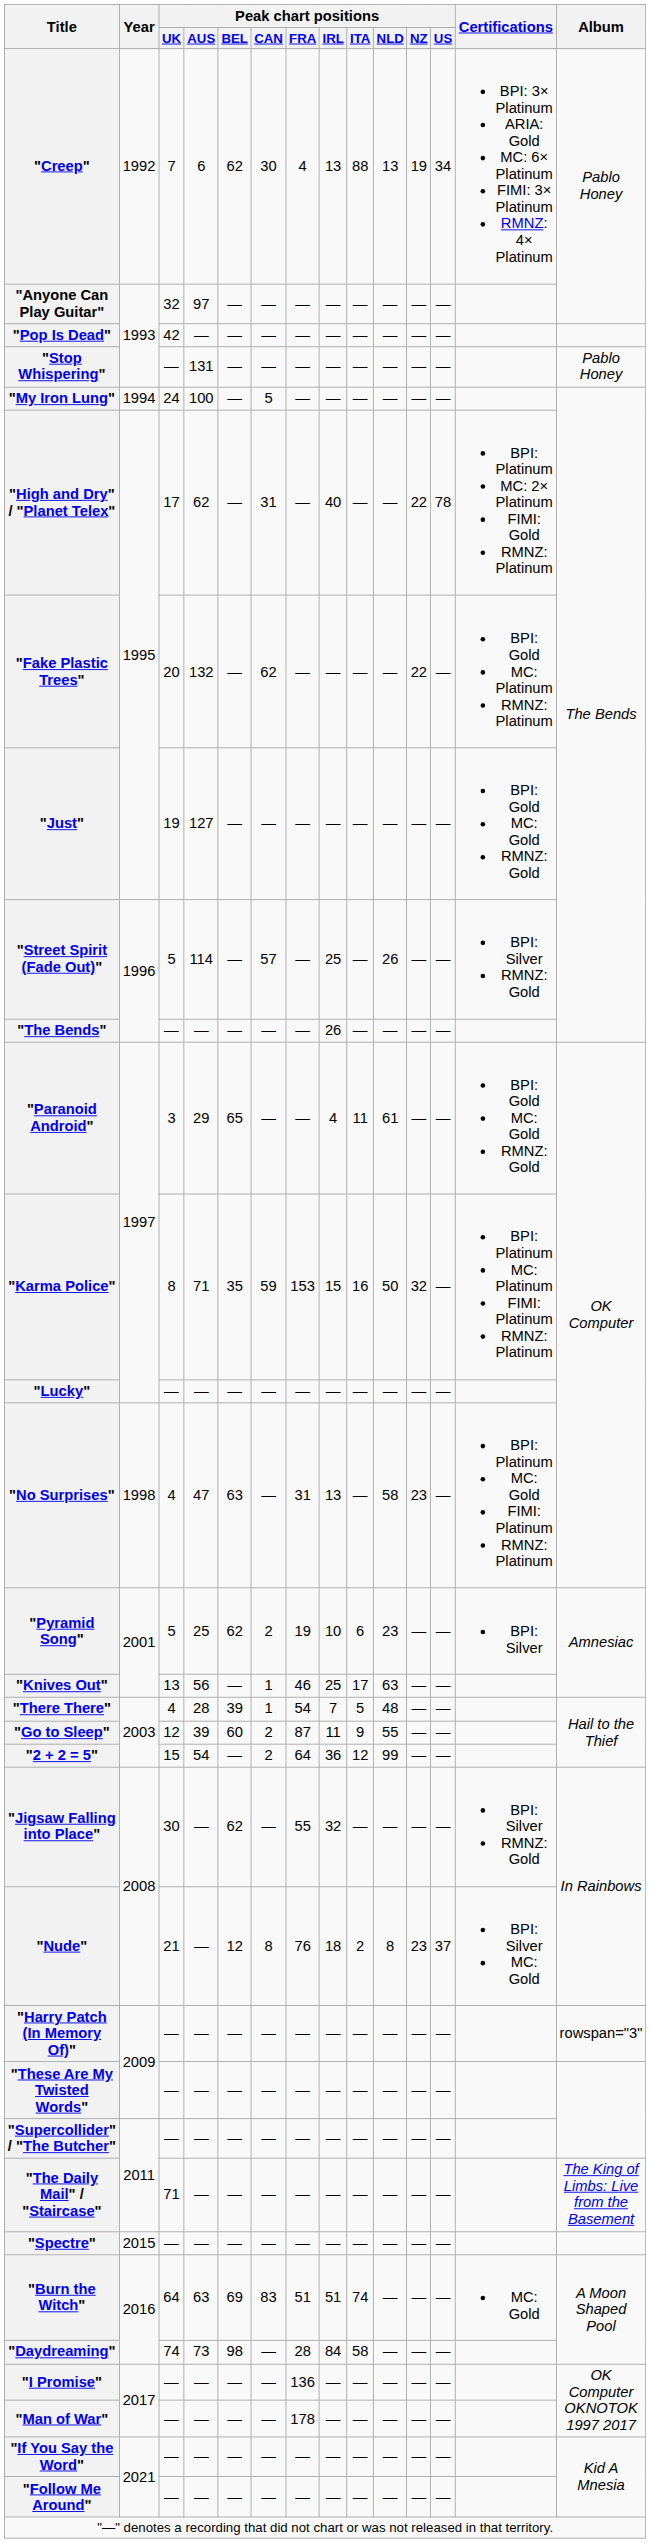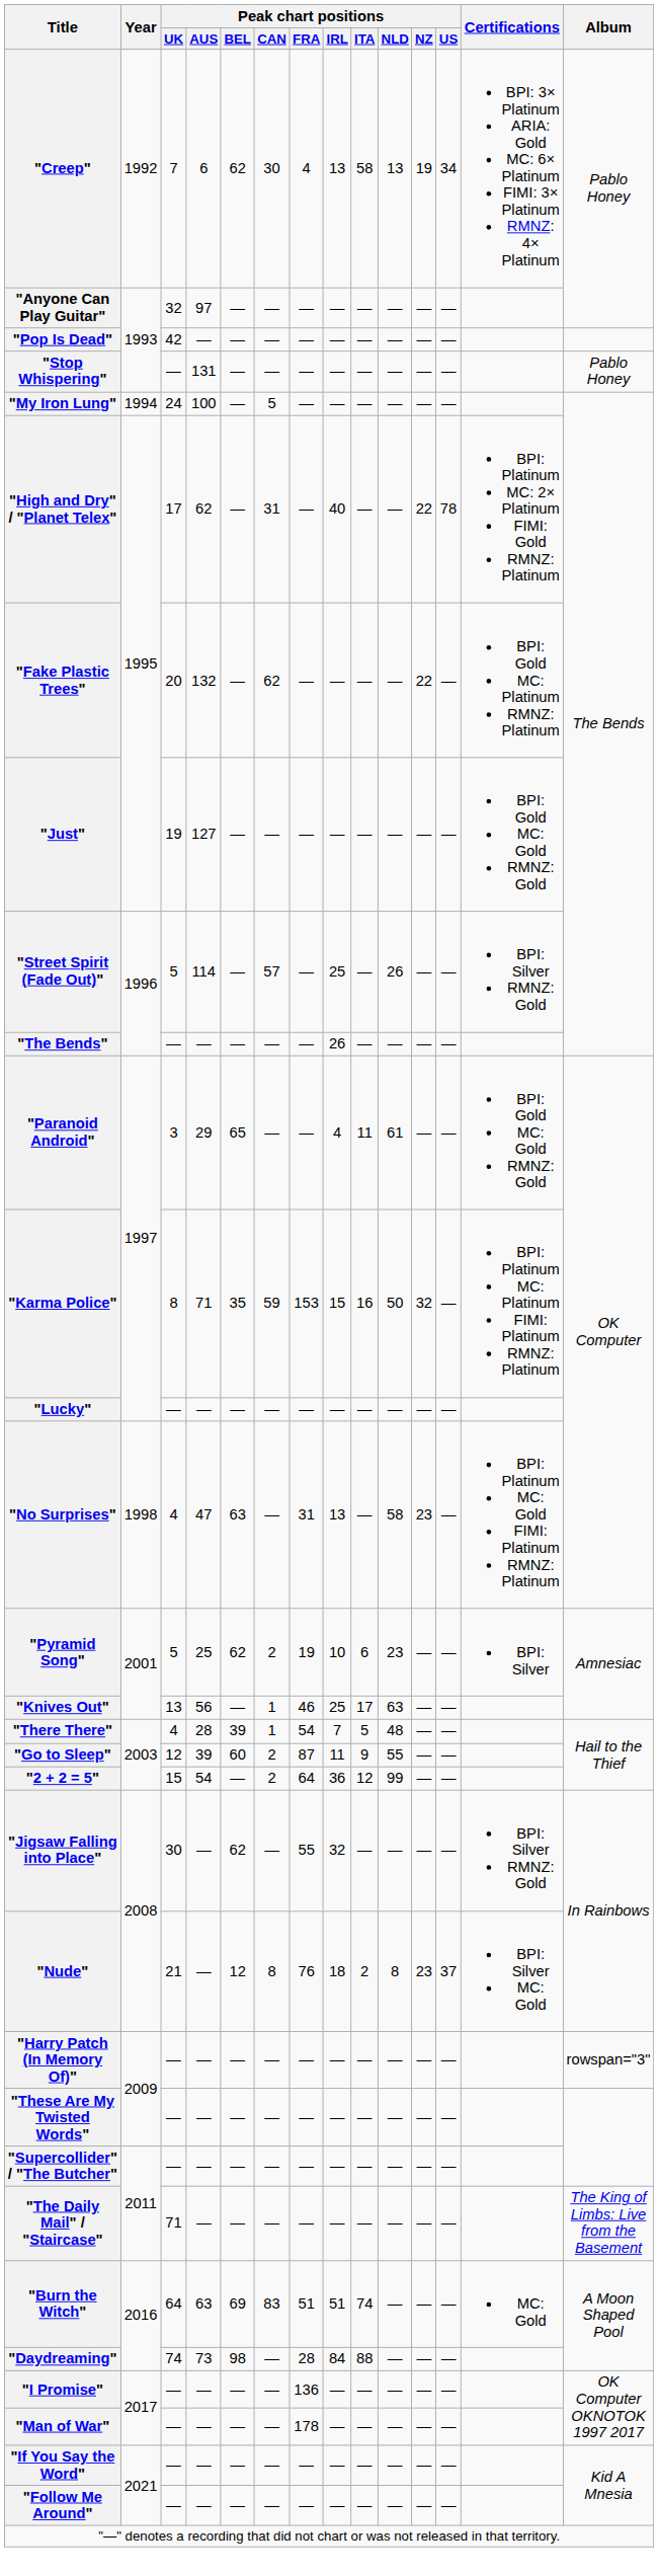 <table class="wikitable plainrowheaders" style="text-align:center;">
 <tr>
 <th scope="col" rowspan="2" style="width:18em;">Title</th>
 <th scope="col" rowspan="2">Year</th>
 <th scope="col" colspan="10">Peak chart positions</th>
 <th scope="col" rowspan="2" style="width:12em;"><a href='#'>Certifications</a></th>
 <th scope="col" rowspan="2">Album</th>
 </tr>
 <tr>
 <th scope="col" style="width:3em;font-size:90%;"><a href='#'>UK</a><br></th>
 <th scope="col" style="width:3em;font-size:90%;"><a href='#'>AUS</a><br></th>
 <th scope="col" style="width:3em;font-size:90%;"><a href='#'>BEL</a><br></th>
 <th scope="col" style="width:3em;font-size:90%;"><a href='#'>CAN</a><br></th>
 <th scope="col" style="width:3em;font-size:90%;"><a href='#'>FRA</a><br></th>
 <th scope="col" style="width:3em;font-size:90%;"><a href='#'>IRL</a><br></th>
 <th scope="col" style="width:3em;font-size:90%;"><a href='#'>ITA</a><br></th>
 <th scope="col" style="width:3em;font-size:90%;"><a href='#'>NLD</a><br></th>
 <th scope="col" style="width:3em;font-size:90%;"><a href='#'>NZ</a><br></th>
 <th scope="col" style="width:3em;font-size:90%;"><a href='#'>US</a><br></th>
 </tr>
 <tr>
 <th scope="row">"<a href='#'>Creep</a>"</th>
 <td>1992</td>
 <td>7</td>
 <td>6</td>
 <td>62</td>
 <td>30</td>
 <td>4</td>
 <td>13</td>
-<td>88</td>
+<td>58</td>
 <td>13</td>
 <td>19</td>
 <td>34</td>
 <td><br><ul><li>BPI: 3× Platinum</li><li>ARIA: Gold</li><li>MC: 6× Platinum</li><li>FIMI: 3× Platinum</li><li><a href='#'>RMNZ</a>: 4× Platinum</li></ul></td>
 <td rowspan="2"><em>Pablo Honey</em></td>
 </tr>
 <tr>
 <th scope="row">"Anyone Can Play Guitar"</th>
 <td rowspan="3">1993</td>
 <td>32</td>
 <td>97</td>
 <td>—</td>
 <td>—</td>
 <td>—</td>
 <td>—</td>
 <td>—</td>
 <td>—</td>
 <td>—</td>
 <td>—</td>
 <td></td>
 </tr>
 <tr>
 <th scope="row">"<a href='#'>Pop Is Dead</a>"</th>
 <td>42</td>
 <td>—</td>
 <td>—</td>
 <td>—</td>
 <td>—</td>
 <td>—</td>
 <td>—</td>
 <td>—</td>
 <td>—</td>
 <td>—</td>
 <td></td>
 <td></td>
 </tr>
 <tr>
 <th scope="row">"<a href='#'>Stop Whispering</a>"</th>
 <td>—</td>
 <td>131</td>
 <td>—</td>
 <td>—</td>
 <td>—</td>
 <td>—</td>
 <td>—</td>
 <td>—</td>
 <td>—</td>
 <td>—</td>
 <td></td>
 <td><em>Pablo Honey</em></td>
 </tr>
 <tr>
 <th scope="row">"<a href='#'>My Iron Lung</a>"</th>
 <td>1994</td>
 <td>24</td>
 <td>100</td>
 <td>—</td>
 <td>5</td>
 <td>—</td>
 <td>—</td>
 <td>—</td>
 <td>—</td>
 <td>—</td>
 <td>—</td>
 <td></td>
 <td rowspan="6"><em>The Bends</em></td>
 </tr>
 <tr>
 <th scope="row">"<a href='#'>High and Dry</a>" / "<a href='#'>Planet Telex</a>"</th>
 <td rowspan="3">1995</td>
 <td>17</td>
 <td>62</td>
 <td>—</td>
 <td>31</td>
 <td>—</td>
 <td>40</td>
 <td>—</td>
 <td>—</td>
 <td>22</td>
 <td>78</td>
 <td><br><ul><li>BPI: Platinum</li><li>MC: 2× Platinum</li><li>FIMI: Gold</li><li>RMNZ: Platinum</li></ul></td>
 </tr>
 <tr>
 <th scope="row">"<a href='#'>Fake Plastic Trees</a>"</th>
 <td>20</td>
 <td>132</td>
 <td>—</td>
 <td>62</td>
 <td>—</td>
 <td>—</td>
 <td>—</td>
 <td>—</td>
 <td>22</td>
 <td>—</td>
 <td><br><ul><li>BPI: Gold</li><li>MC: Platinum</li><li>RMNZ: Platinum</li></ul></td>
 </tr>
 <tr>
 <th scope="row">"<a href='#'>Just</a>"</th>
 <td>19</td>
 <td>127</td>
 <td>—</td>
 <td>—</td>
 <td>—</td>
 <td>—</td>
 <td>—</td>
 <td>—</td>
 <td>—</td>
 <td>—</td>
 <td><br><ul><li>BPI: Gold</li><li>MC: Gold</li><li>RMNZ: Gold</li></ul></td>
 </tr>
 <tr>
 <th scope="row">"<a href='#'>Street Spirit (Fade Out)</a>"</th>
 <td rowspan="2">1996</td>
 <td>5</td>
 <td>114</td>
 <td>—</td>
 <td>57</td>
 <td>—</td>
 <td>25</td>
 <td>—</td>
 <td>26</td>
 <td>—</td>
 <td>—</td>
 <td><br><ul><li>BPI: Silver</li><li>RMNZ: Gold</li></ul></td>
 </tr>
 <tr>
 <th scope="row">"<a href='#'>The Bends</a>"</th>
 <td>—</td>
 <td>—</td>
 <td>—</td>
 <td>—</td>
 <td>—</td>
 <td>26</td>
 <td>—</td>
 <td>—</td>
 <td>—</td>
 <td>—</td>
 </tr>
 <tr>
 <th scope="row">"<a href='#'>Paranoid Android</a>"</th>
 <td rowspan="3">1997</td>
 <td>3</td>
 <td>29</td>
 <td>65</td>
 <td>—</td>
 <td>—</td>
 <td>4</td>
 <td>11</td>
 <td>61</td>
 <td>—</td>
 <td>—</td>
 <td><br><ul><li>BPI: Gold</li><li>MC: Gold</li><li>RMNZ: Gold</li></ul></td>
 <td rowspan="4"><em>OK Computer</em></td>
 </tr>
 <tr>
 <th scope="row">"<a href='#'>Karma Police</a>"</th>
 <td>8</td>
 <td>71</td>
 <td>35</td>
 <td>59</td>
 <td>153</td>
 <td>15</td>
 <td>16</td>
 <td>50</td>
 <td>32</td>
 <td>—</td>
 <td><br><ul><li>BPI: Platinum</li><li>MC: Platinum</li><li>FIMI: Platinum</li><li>RMNZ: Platinum</li></ul></td>
 </tr>
 <tr>
 <th scope="row">"<a href='#'>Lucky</a>"</th>
 <td>—</td>
 <td>—</td>
 <td>—</td>
 <td>—</td>
 <td>—</td>
 <td>—</td>
 <td>—</td>
 <td>—</td>
 <td>—</td>
 <td>—</td>
 <td></td>
 </tr>
 <tr>
 <th scope="row">"<a href='#'>No Surprises</a>"</th>
 <td>1998</td>
 <td>4</td>
 <td>47</td>
 <td>63</td>
 <td>—</td>
 <td>31</td>
 <td>13</td>
 <td>—</td>
 <td>58</td>
 <td>23</td>
 <td>—</td>
 <td><br><ul><li>BPI: Platinum</li><li>MC: Gold</li><li>FIMI: Platinum</li><li>RMNZ: Platinum</li></ul></td>
 </tr>
 <tr>
 <th scope="row">"<a href='#'>Pyramid Song</a>"</th>
 <td rowspan="2">2001</td>
 <td>5</td>
 <td>25</td>
 <td>62</td>
 <td>2</td>
 <td>19</td>
 <td>10</td>
 <td>6</td>
 <td>23</td>
 <td>—</td>
 <td>—</td>
 <td><br><ul><li>BPI: Silver</li></ul></td>
 <td rowspan="2"><em>Amnesiac</em></td>
 </tr>
 <tr>
 <th scope="row">"<a href='#'>Knives Out</a>"</th>
 <td>13</td>
 <td>56</td>
 <td>—</td>
 <td>1</td>
 <td>46</td>
 <td>25</td>
 <td>17</td>
 <td>63</td>
 <td>—</td>
 <td>—</td>
 <td></td>
 </tr>
 <tr>
 <th scope="row">"<a href='#'>There There</a>"</th>
 <td rowspan="3">2003</td>
 <td>4</td>
 <td>28</td>
 <td>39</td>
 <td>1</td>
 <td>54</td>
 <td>7</td>
 <td>5</td>
 <td>48</td>
 <td>—</td>
 <td>—</td>
 <td></td>
 <td rowspan="3"><em>Hail to the Thief</em></td>
 </tr>
 <tr>
 <th scope="row">"<a href='#'>Go to Sleep</a>"</th>
 <td>12</td>
 <td>39</td>
 <td>60</td>
 <td>2</td>
 <td>87</td>
 <td>11</td>
 <td>9</td>
 <td>55</td>
 <td>—</td>
 <td>—</td>
 <td></td>
 </tr>
 <tr>
 <th scope="row">"<a href='#'>2 + 2 = 5</a>"</th>
 <td>15</td>
 <td>54</td>
 <td>—</td>
 <td>2</td>
 <td>64</td>
 <td>36</td>
 <td>12</td>
 <td>99</td>
 <td>—</td>
 <td>—</td>
 <td></td>
 </tr>
 <tr>
 <th scope="row">"<a href='#'>Jigsaw Falling into Place</a>"</th>
 <td rowspan="2">2008</td>
 <td>30</td>
 <td>—</td>
 <td>62</td>
 <td>—</td>
 <td>55</td>
 <td>32</td>
 <td>—</td>
 <td>—</td>
 <td>—</td>
 <td>—</td>
 <td><br><ul><li>BPI: Silver</li><li>RMNZ: Gold</li></ul></td>
 <td rowspan="2"><em>In Rainbows</em></td>
 </tr>
 <tr>
 <th scope="row">"<a href='#'>Nude</a>"</th>
 <td>21</td>
 <td>—</td>
 <td>12</td>
 <td>8</td>
 <td>76</td>
 <td>18</td>
 <td>2</td>
 <td>8</td>
 <td>23</td>
 <td>37</td>
 <td><br><ul><li>BPI: Silver</li><li>MC: Gold</li></ul></td>
 </tr>
 <tr>
 <th scope="row">"<a href='#'>Harry Patch (In Memory Of)</a>"</th>
 <td rowspan="2">2009</td>
 <td>—</td>
 <td>—</td>
 <td>—</td>
 <td>—</td>
 <td>—</td>
 <td>—</td>
 <td>—</td>
 <td>—</td>
 <td>—</td>
 <td>—</td>
 <td></td>
 <td>rowspan="3" </td>
 </tr>
 <tr>
 <th scope="row">"<a href='#'>These Are My Twisted Words</a>"</th>
 <td>—</td>
 <td>—</td>
 <td>—</td>
 <td>—</td>
 <td>—</td>
 <td>—</td>
 <td>—</td>
 <td>—</td>
 <td>—</td>
 <td>—</td>
 <td></td>
 </tr>
 <tr>
 <th scope="row">"<a href='#'>Supercollider</a>" / "<a href='#'>The Butcher</a>"</th>
 <td rowspan="2">2011</td>
 <td>—</td>
 <td>—</td>
 <td>—</td>
 <td>—</td>
 <td>—</td>
 <td>—</td>
 <td>—</td>
 <td>—</td>
 <td>—</td>
 <td>—</td>
 <td></td>
 </tr>
 <tr>
 <th scope="row">"<a href='#'>The Daily Mail</a>" / "<a href='#'>Staircase</a>"</th>
 <td>71</td>
 <td>—</td>
 <td>—</td>
 <td>—</td>
 <td>—</td>
 <td>—</td>
 <td>—</td>
 <td>—</td>
 <td>—</td>
 <td>—</td>
 <td></td>
 <td rowspan="1"><em><a href='#'>The King of Limbs: Live from the Basement</a></em></td>
 </tr>
 <tr>
-<th scope="row">"<a href='#'>Spectre</a>"</th>
-<td>2015</td>
-<td>—</td>
-<td>—</td>
-<td>—</td>
-<td>—</td>
-<td>—</td>
-<td>—</td>
-<td>—</td>
-<td>—</td>
-<td>—</td>
-<td>—</td>
-<td></td>
-<td></td>
-</tr>
-<tr>
 <th scope="row">"<a href='#'>Burn the Witch</a>"</th>
 <td rowspan="2">2016</td>
 <td>64</td>
 <td>63</td>
 <td>69</td>
 <td>83</td>
 <td>51</td>
 <td>51</td>
 <td>74</td>
 <td>—</td>
 <td>—</td>
 <td>—</td>
 <td><br><ul><li>MC: Gold</li></ul></td>
 <td rowspan="2"><em>A Moon Shaped Pool</em></td>
 </tr>
 <tr>
 <th scope="row">"<a href='#'>Daydreaming</a>"</th>
 <td>74</td>
 <td>73</td>
 <td>98</td>
 <td>—</td>
 <td>28</td>
 <td>84</td>
-<td>58</td>
+<td>88</td>
 <td>—</td>
 <td>—</td>
 <td>—</td>
 <td></td>
 </tr>
 <tr>
 <th scope="row">"<a href='#'>I Promise</a>"</th>
 <td rowspan="2">2017</td>
 <td>—</td>
 <td>—</td>
 <td>—</td>
 <td>—</td>
 <td>136</td>
 <td>—</td>
 <td>—</td>
 <td>—</td>
 <td>—</td>
 <td>—</td>
 <td></td>
 <td rowspan="2"><em>OK Computer OKNOTOK 1997 2017</em></td>
 </tr>
 <tr>
 <th scope="row">"<a href='#'>Man of War</a>"</th>
 <td>—</td>
 <td>—</td>
 <td>—</td>
 <td>—</td>
 <td>178</td>
 <td>—</td>
 <td>—</td>
 <td>—</td>
 <td>—</td>
 <td>—</td>
 <td></td>
 </tr>
 <tr>
 <th scope="row">"<a href='#'>If You Say the Word</a>"</th>
 <td rowspan="2">2021</td>
 <td>—</td>
 <td>—</td>
 <td>—</td>
 <td>—</td>
 <td>—</td>
 <td>—</td>
 <td>—</td>
 <td>—</td>
 <td>—</td>
 <td>—</td>
 <td></td>
 <td rowspan="2"><em>Kid A Mnesia</em></td>
 </tr>
 <tr>
 <th scope="row">"<a href='#'>Follow Me Around</a>"</th>
 <td>—</td>
 <td>—</td>
 <td>—</td>
 <td>—</td>
 <td>—</td>
 <td>—</td>
 <td>—</td>
 <td>—</td>
 <td>—</td>
 <td>—</td>
 </tr>
 <tr>
 <td colspan="14" style="font-size:90%">"—" denotes a recording that did not chart or was not released in that territory.</td>
 </tr>
 </table>
